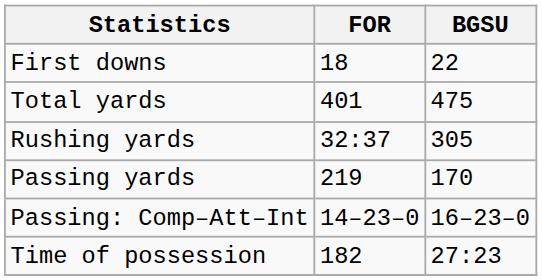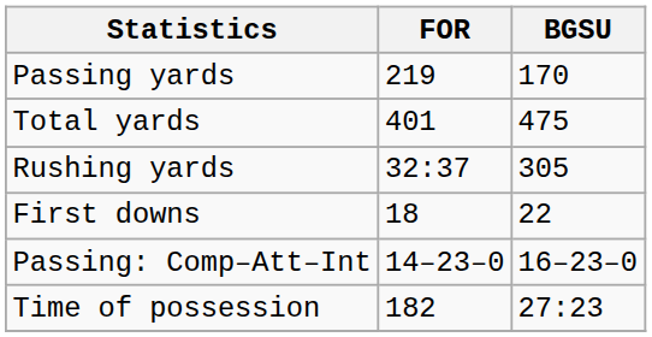 <table class="wikitable" style="float: left;">
 <tr>
 <th>Statistics</th>
 <th>FOR</th>
 <th>BGSU</th>
 </tr>
 <tr>
-<td>First downs</td>
-<td>18</td>
-<td>22</td>
+<td>Passing yards</td>
+<td>219</td>
+<td>170</td>
 </tr>
 <tr>
 <td>Total yards</td>
 <td>401</td>
 <td>475</td>
 </tr>
 <tr>
 <td>Rushing yards</td>
 <td>32:37</td>
 <td>305</td>
 </tr>
 <tr>
-<td>Passing yards</td>
-<td>219</td>
-<td>170</td>
+<td>First downs</td>
+<td>18</td>
+<td>22</td>
 </tr>
 <tr>
 <td>Passing: Comp–Att–Int</td>
 <td>14–23–0</td>
 <td>16–23–0</td>
 </tr>
 <tr>
 <td>Time of possession</td>
 <td>182</td>
 <td>27:23</td>
 </tr>
 <tr>
 </tr>
 </table>
